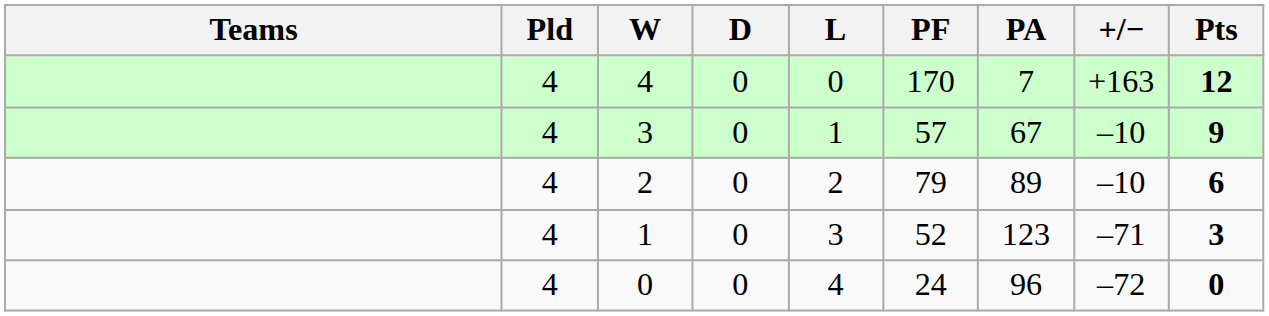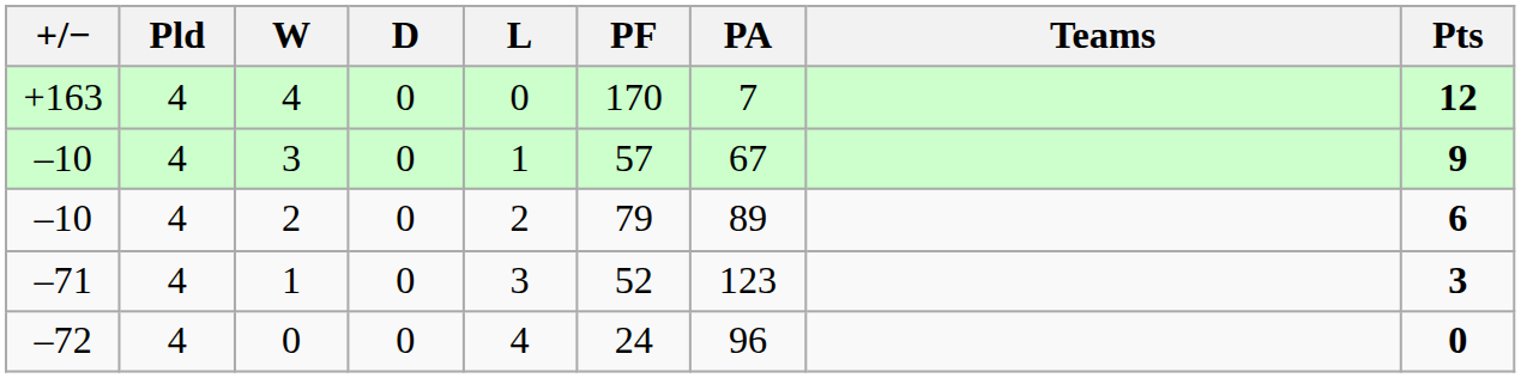 <table class="wikitable" style="text-align: center;">
 <tr>
-<th width="240">Teams</th>
+<th width="40">+/−</th>
 <th width="40">Pld</th>
 <th width="40">W</th>
 <th width="40">D</th>
 <th width="40">L</th>
 <th width="40">PF</th>
 <th width="40">PA</th>
-<th width="40">+/−</th>
+<th width="240">Teams</th>
 <th width="40">Pts</th>
 </tr>
 <tr bgcolor=ccffcc>
-<td align=left></td>
+<td>+163</td>
 <td>4</td>
 <td>4</td>
 <td>0</td>
 <td>0</td>
 <td>170</td>
 <td>7</td>
-<td>+163</td>
+<td align=left></td>
 <td><strong>12</strong></td>
 </tr>
 <tr bgcolor=ccffcc>
-<td align=left></td>
+<td>–10</td>
 <td>4</td>
 <td>3</td>
 <td>0</td>
 <td>1</td>
 <td>57</td>
 <td>67</td>
-<td>–10</td>
+<td align=left></td>
 <td><strong>9</strong></td>
 </tr>
 <tr>
-<td align=left></td>
+<td>–10</td>
 <td>4</td>
 <td>2</td>
 <td>0</td>
 <td>2</td>
 <td>79</td>
 <td>89</td>
-<td>–10</td>
+<td align=left></td>
 <td><strong>6</strong></td>
 </tr>
 <tr>
-<td align=left></td>
+<td>–71</td>
 <td>4</td>
 <td>1</td>
 <td>0</td>
 <td>3</td>
 <td>52</td>
 <td>123</td>
-<td>–71</td>
+<td align=left></td>
 <td><strong>3</strong></td>
 </tr>
 <tr>
-<td align=left></td>
+<td>–72</td>
 <td>4</td>
 <td>0</td>
 <td>0</td>
 <td>4</td>
 <td>24</td>
 <td>96</td>
-<td>–72</td>
+<td align=left></td>
 <td><strong>0</strong></td>
 </tr>
 </table>
